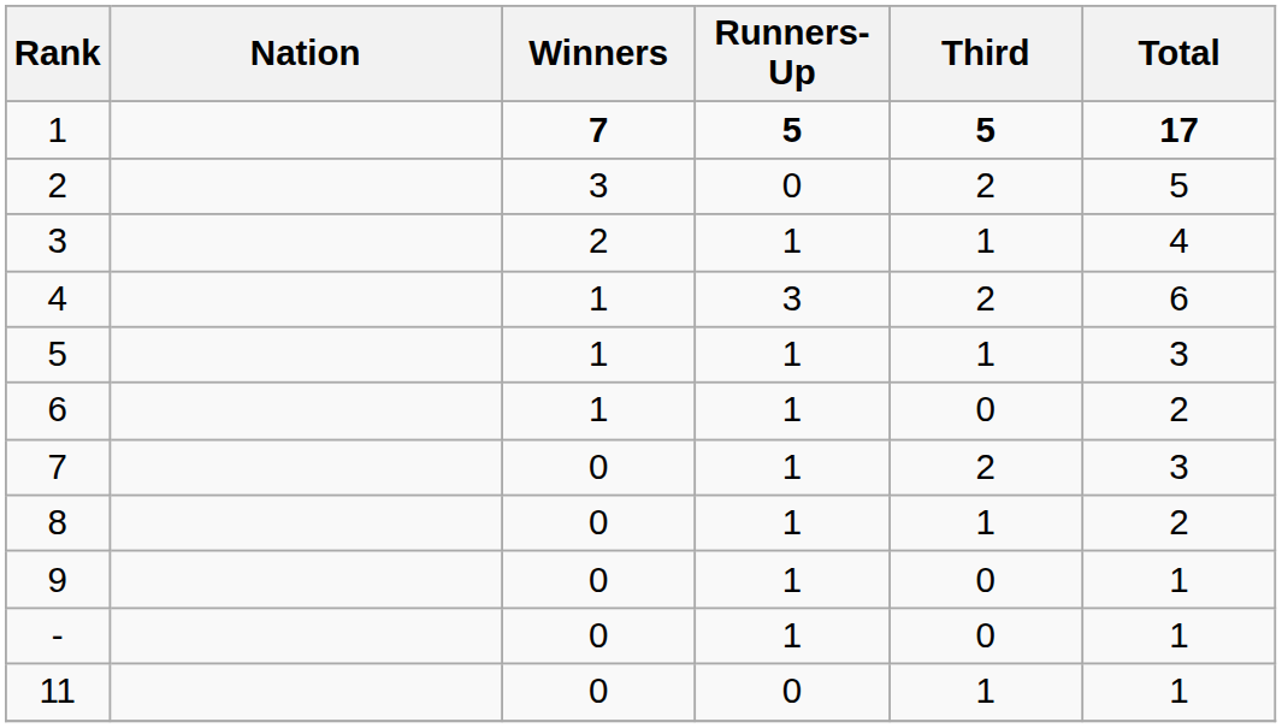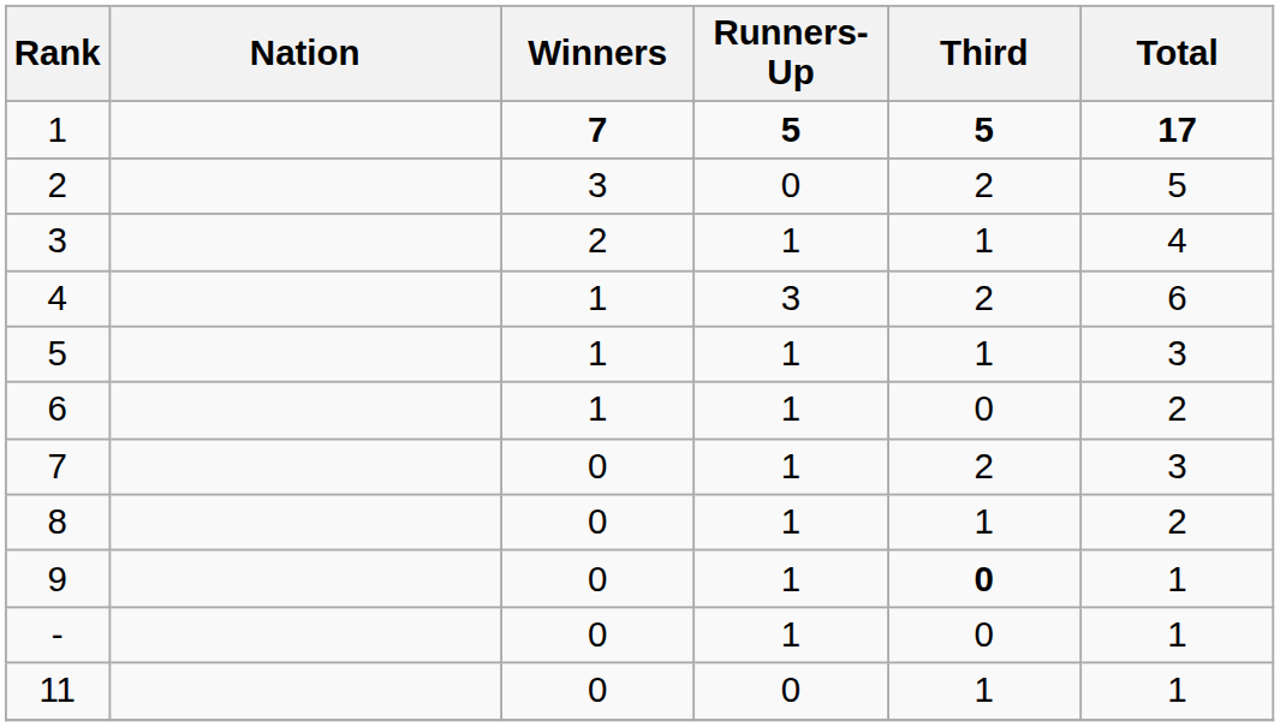 <table class="wikitable" style="text-align: center;">
 <tr>
 <th width=20>Rank</th>
 <th width=170>Nation</th>
 <th width=80>Winners</th>
 <th width=80>Runners-Up</th>
 <th width=80>Third</th>
 <th width=80>Total</th>
 </tr>
 <tr>
 <td>1</td>
 <td align=left></td>
 <td><strong>7</strong></td>
 <td><strong>5</strong></td>
 <td><strong>5</strong></td>
 <td><strong>17</strong></td>
 </tr>
 <tr>
 <td>2</td>
 <td align=left></td>
 <td>3</td>
 <td>0</td>
 <td>2</td>
 <td>5</td>
 </tr>
 <tr>
 <td>3</td>
 <td align=left></td>
 <td>2</td>
 <td>1</td>
 <td>1</td>
 <td>4</td>
 </tr>
 <tr>
 <td>4</td>
 <td align=left></td>
 <td>1</td>
 <td>3</td>
 <td>2</td>
 <td>6</td>
 </tr>
 <tr>
 <td>5</td>
 <td align=left></td>
 <td>1</td>
 <td>1</td>
 <td>1</td>
 <td>3</td>
 </tr>
 <tr>
 <td>6</td>
 <td align=left></td>
 <td>1</td>
 <td>1</td>
 <td>0</td>
 <td>2</td>
 </tr>
 <tr>
 <td>7</td>
 <td align=left></td>
 <td>0</td>
 <td>1</td>
 <td>2</td>
 <td>3</td>
 </tr>
 <tr>
 <td>8</td>
 <td align=left></td>
 <td>0</td>
 <td>1</td>
 <td>1</td>
 <td>2</td>
 </tr>
 <tr>
 <td>9</td>
 <td align=left></td>
 <td>0</td>
 <td>1</td>
-<td>0</td>
+<td><strong>0</strong></td>
 <td>1</td>
 </tr>
 <tr>
 <td>-</td>
 <td align=left></td>
 <td>0</td>
 <td>1</td>
 <td>0</td>
 <td>1</td>
 </tr>
 <tr>
 <td>11</td>
 <td align=left></td>
 <td>0</td>
 <td>0</td>
 <td>1</td>
 <td>1</td>
 </tr>
 <tr>
 </tr>
 </table>
